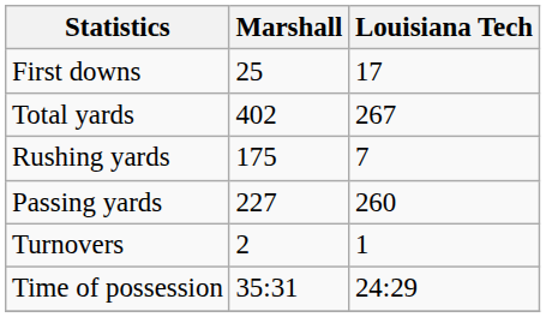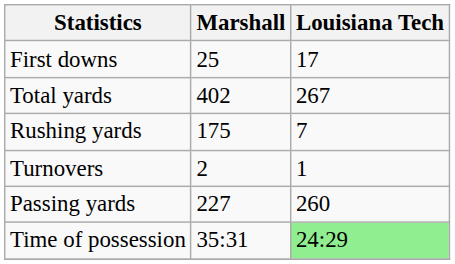 <table class="wikitable">
 <tr>
 <th>Statistics</th>
 <th>Marshall</th>
 <th>Louisiana Tech</th>
 </tr>
 <tr>
 <td>First downs</td>
 <td>25</td>
 <td>17</td>
 </tr>
 <tr>
 <td>Total yards</td>
 <td>402</td>
 <td>267</td>
 </tr>
 <tr>
 <td>Rushing yards</td>
 <td>175</td>
 <td>7</td>
 </tr>
 <tr>
+<td>Turnovers</td>
+<td>2</td>
+<td>1</td>
+</tr>
+<tr>
 <td>Passing yards</td>
 <td>227</td>
 <td>260</td>
 </tr>
 <tr>
-<td>Turnovers</td>
-<td>2</td>
-<td>1</td>
-</tr>
-<tr>
 <td>Time of possession</td>
 <td>35:31</td>
-<td>24:29</td>
+<td style="background: lightgreen;">24:29</td>
 </tr>
 <tr>
 </tr>
 </table>
